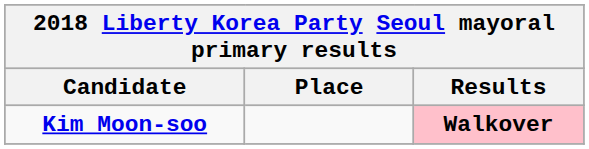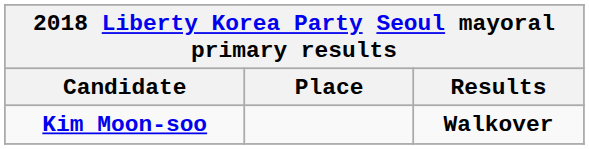 <table class="wikitable" style="text-align:center;">
 <tr>
 <th colspan=4>2018 <a href='#'>Liberty Korea Party</a> <a href='#'>Seoul</a> mayoral primary results</th>
 </tr>
 <tr>
 <th width=130><strong>Candidate</strong></th>
 <th width=90><strong>Place</strong></th>
 <th width=90><strong>Results</strong></th>
 </tr>
 <tr>
 <td><strong><a href='#'>Kim Moon-soo</a></strong></td>
 <td style="background:"><strong></strong></td>
-<td style="background: pink;"><strong>Walkover</strong></td>
+<td><strong>Walkover</strong></td>
 </tr>
 </table>
